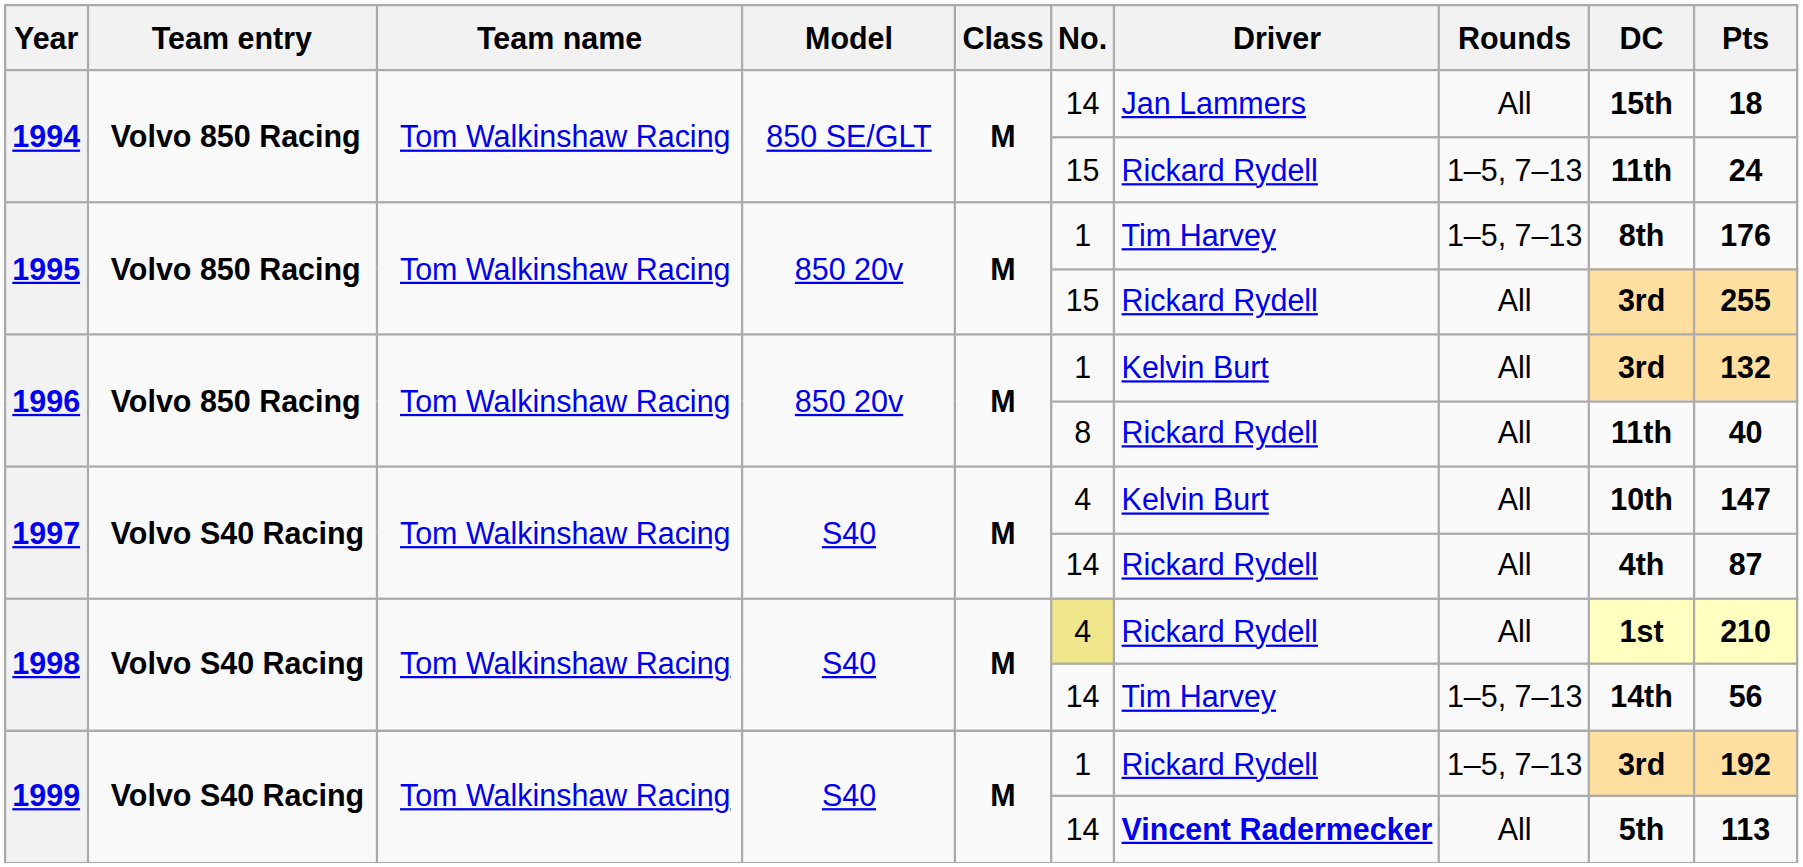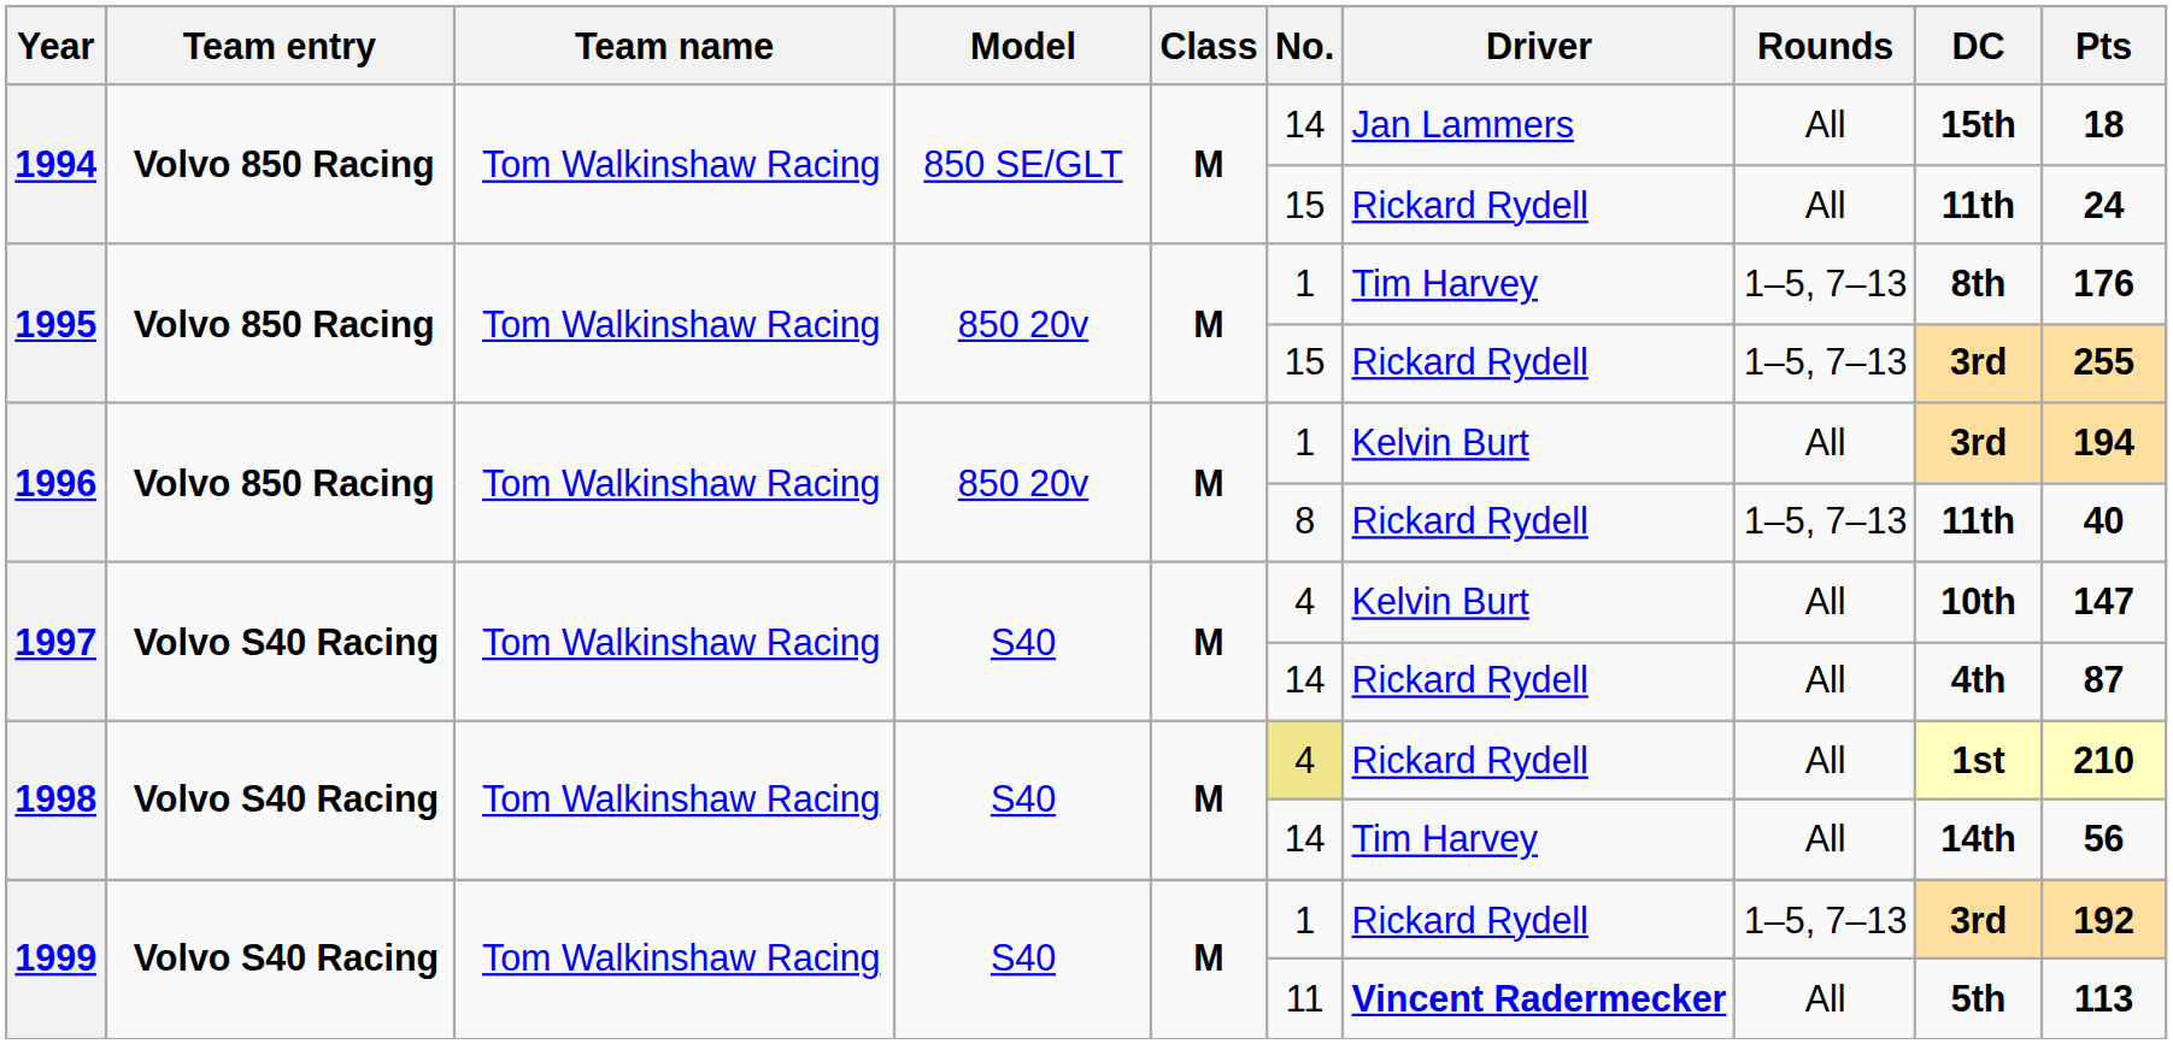 <table class="wikitable sortable" border="1" style="font-size: 85%; line-height: 23px">
 <tr>
 <th>Year</th>
 <th>Team entry</th>
 <th>Team name</th>
 <th>Model</th>
 <th class="unsortable">Class</th>
 <th class="unsortable">No.</th>
 <th class="unsortable">Driver</th>
 <th class="unsortable">Rounds</th>
 <th class="unsortable" style="width: 40px">DC</th>
 <th class="unsortable" style="width: 40px">Pts</th>
 </tr>
 <tr>
 <th rowspan=2><a href='#'>1994</a></th>
 <td rowspan=2 style="padding: 0px 5px 0px 10px"><strong>Volvo 850 Racing</strong></td>
 <td rowspan=2 style="padding: 0px 5px 0px 10px"><a href='#'>Tom Walkinshaw Racing</a></td>
 <td rowspan=2 align="center" style="padding: 0px 10px"><a href='#'>850 SE/GLT</a></td>
 <td rowspan=2 align="center"><strong><span>M</span></strong></td>
 <td align="center">14</td>
 <td> <a href='#'>Jan Lammers</a></td>
 <td align="center">All</td>
 <td align="center"><strong>15th</strong></td>
 <td align="center"><strong>18</strong></td>
 </tr>
 <tr>
 <td align="center">15</td>
 <td> <a href='#'>Rickard Rydell</a></td>
-<td align="center">1–5, 7–13</td>
+<td align="center">All</td>
 <td align="center"><strong>11th</strong></td>
 <td align="center"><strong>24</strong></td>
 </tr>
 <tr>
 <th rowspan=2><a href='#'>1995</a></th>
 <td rowspan=2 style="padding: 0px 5px 0px 10px"><strong>Volvo 850 Racing</strong></td>
 <td rowspan=2 style="padding: 0px 5px 0px 10px"><a href='#'>Tom Walkinshaw Racing</a></td>
 <td rowspan=2 align="center" style="padding: 0px 10px"><a href='#'>850 20v</a></td>
 <td rowspan=2 align="center"><strong><span>M</span></strong></td>
 <td align="center">1</td>
 <td> <a href='#'>Tim Harvey</a></td>
 <td align="center">1–5, 7–13</td>
 <td align="center"><strong>8th</strong></td>
 <td align="center"><strong>176</strong></td>
 </tr>
 <tr>
 <td align="center">15</td>
 <td> <a href='#'>Rickard Rydell</a></td>
-<td align="center">All</td>
+<td align="center">1–5, 7–13</td>
 <td style="background:#FFDF9F;" align="center"><strong>3rd</strong></td>
 <td style="background:#FFDF9F;" align="center"><strong>255</strong></td>
 </tr>
 <tr>
 <th rowspan=2><a href='#'>1996</a></th>
 <td rowspan=2 style="padding: 0px 5px 0px 10px"><strong>Volvo 850 Racing</strong></td>
 <td rowspan=2 style="padding: 0px 5px 0px 10px"><a href='#'>Tom Walkinshaw Racing</a></td>
 <td rowspan=2 align="center" style="padding: 0px 10px"><a href='#'>850 20v</a></td>
 <td rowspan=2 align="center"><strong><span>M</span></strong></td>
 <td align="center">1</td>
 <td> <a href='#'>Kelvin Burt</a></td>
 <td align="center">All</td>
 <td style="background:#FFDF9F;" align="center"><strong>3rd</strong></td>
-<td style="background:#FFDF9F;" align="center"><strong>132</strong></td>
+<td style="background:#FFDF9F;" align="center"><strong>194</strong></td>
 </tr>
 <tr>
 <td align="center">8</td>
 <td> <a href='#'>Rickard Rydell</a></td>
-<td align="center">All</td>
+<td align="center">1–5, 7–13</td>
 <td align="center"><strong>11th</strong></td>
 <td align="center"><strong>40</strong></td>
 </tr>
 <tr>
 <th rowspan=2><a href='#'>1997</a></th>
 <td rowspan=2 style="padding: 0px 5px 0px 10px"><strong>Volvo S40 Racing</strong></td>
 <td rowspan=2 style="padding: 0px 5px 0px 10px"><a href='#'>Tom Walkinshaw Racing</a></td>
 <td rowspan=2 align="center" style="padding: 0px 10px"><a href='#'>S40</a></td>
 <td rowspan=2 align="center"><strong><span>M</span></strong></td>
 <td align="center">4</td>
 <td> <a href='#'>Kelvin Burt</a></td>
 <td align="center">All</td>
 <td align="center"><strong>10th</strong></td>
 <td align="center"><strong>147</strong></td>
 </tr>
 <tr>
 <td align="center">14</td>
 <td> <a href='#'>Rickard Rydell</a></td>
 <td align="center">All</td>
 <td align="center"><strong>4th</strong></td>
 <td align="center"><strong>87</strong></td>
 </tr>
 <tr>
 <th rowspan=2><a href='#'>1998</a></th>
 <td rowspan=2 style="padding: 0px 5px 0px 10px"><strong>Volvo S40 Racing</strong></td>
 <td rowspan=2 style="padding: 0px 5px 0px 10px"><a href='#'>Tom Walkinshaw Racing</a></td>
 <td rowspan=2 align="center" style="padding: 0px 10px"><a href='#'>S40</a></td>
 <td rowspan=2 align="center"><strong><span>M</span></strong></td>
 <td align="center" style="background: khaki;">4</td>
 <td> <a href='#'>Rickard Rydell</a></td>
 <td align="center">All</td>
 <td style="background:#FFFFBF;" align="center"><strong>1st</strong></td>
 <td style="background:#FFFFBF;" align="center"><strong>210</strong></td>
 </tr>
 <tr>
 <td align="center">14</td>
 <td> <a href='#'>Tim Harvey</a></td>
-<td align="center">1–5, 7–13</td>
+<td align="center">All</td>
 <td align="center"><strong>14th</strong></td>
 <td align="center"><strong>56</strong></td>
 </tr>
 <tr>
 </tr>
 <tr>
 <th rowspan=2><a href='#'>1999</a></th>
 <td rowspan=2 style="padding: 0px 5px 0px 10px"><strong>Volvo S40 Racing</strong></td>
 <td rowspan=2 style="padding: 0px 5px 0px 10px"><a href='#'>Tom Walkinshaw Racing</a></td>
 <td rowspan=2 align="center" style="padding: 0px 10px"><a href='#'>S40</a></td>
 <td rowspan=2 align="center"><strong><span>M</span></strong></td>
 <td align="center">1</td>
 <td> <a href='#'>Rickard Rydell</a></td>
 <td align="center">1–5, 7–13</td>
 <td style="background:#FFDF9F;" align="center"><strong>3rd</strong></td>
 <td style="background:#FFDF9F;" align="center"><strong>192</strong></td>
 </tr>
 <tr>
-<td align="center">14</td>
+<td align="center">11</td>
 <td><strong> <a href='#'>Vincent Radermecker</a></strong></td>
 <td align="center">All</td>
 <td align="center"><strong>5th</strong></td>
 <td align="center"><strong>113</strong></td>
 </tr>
 </table>
